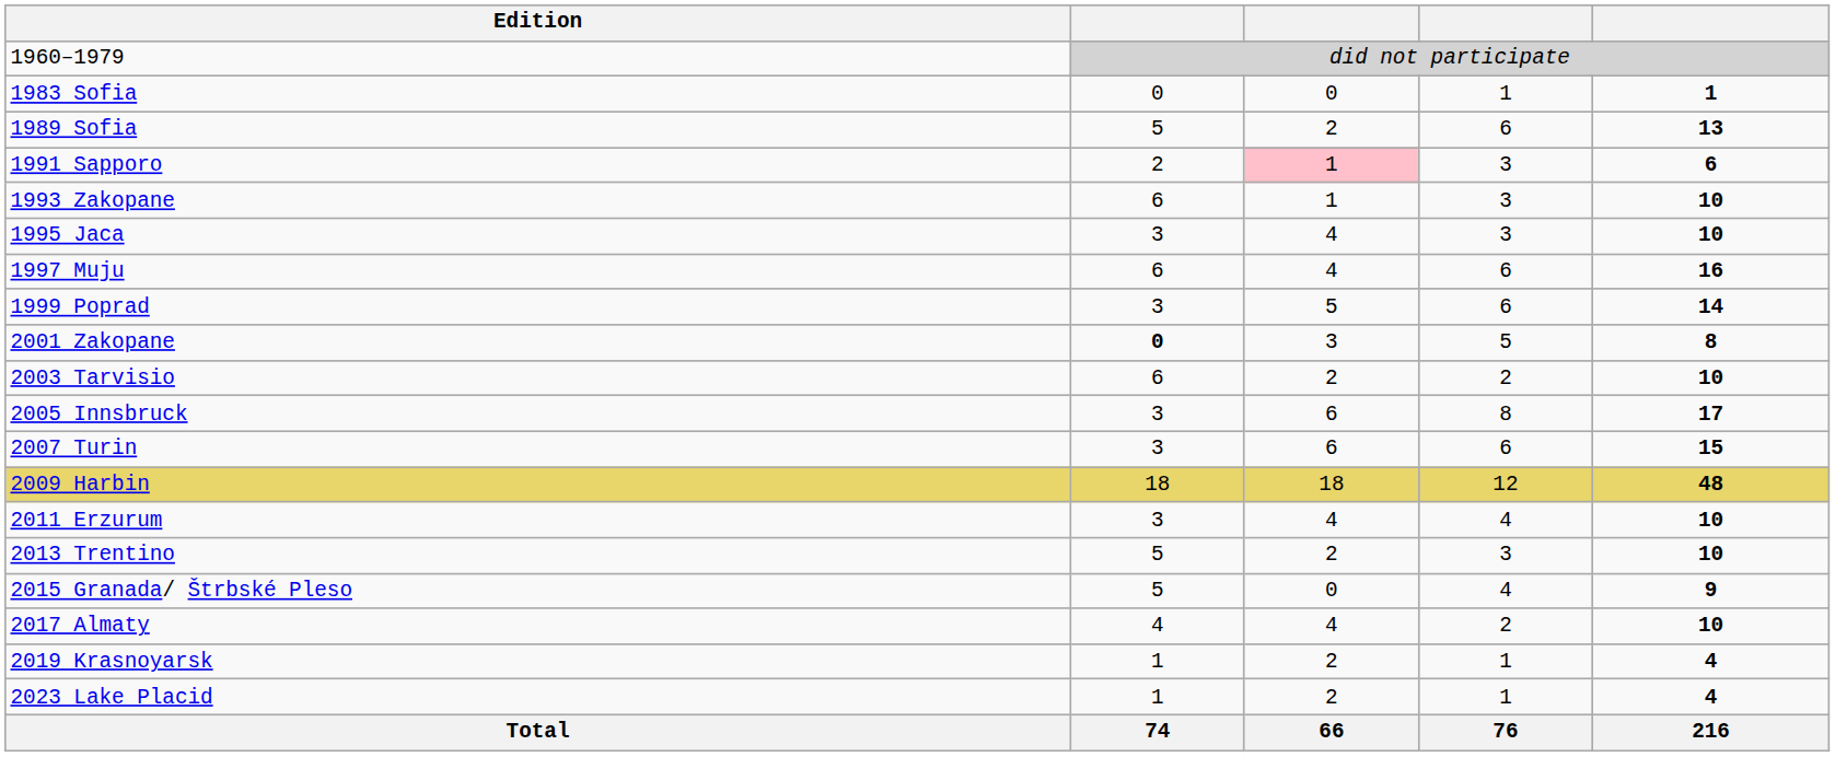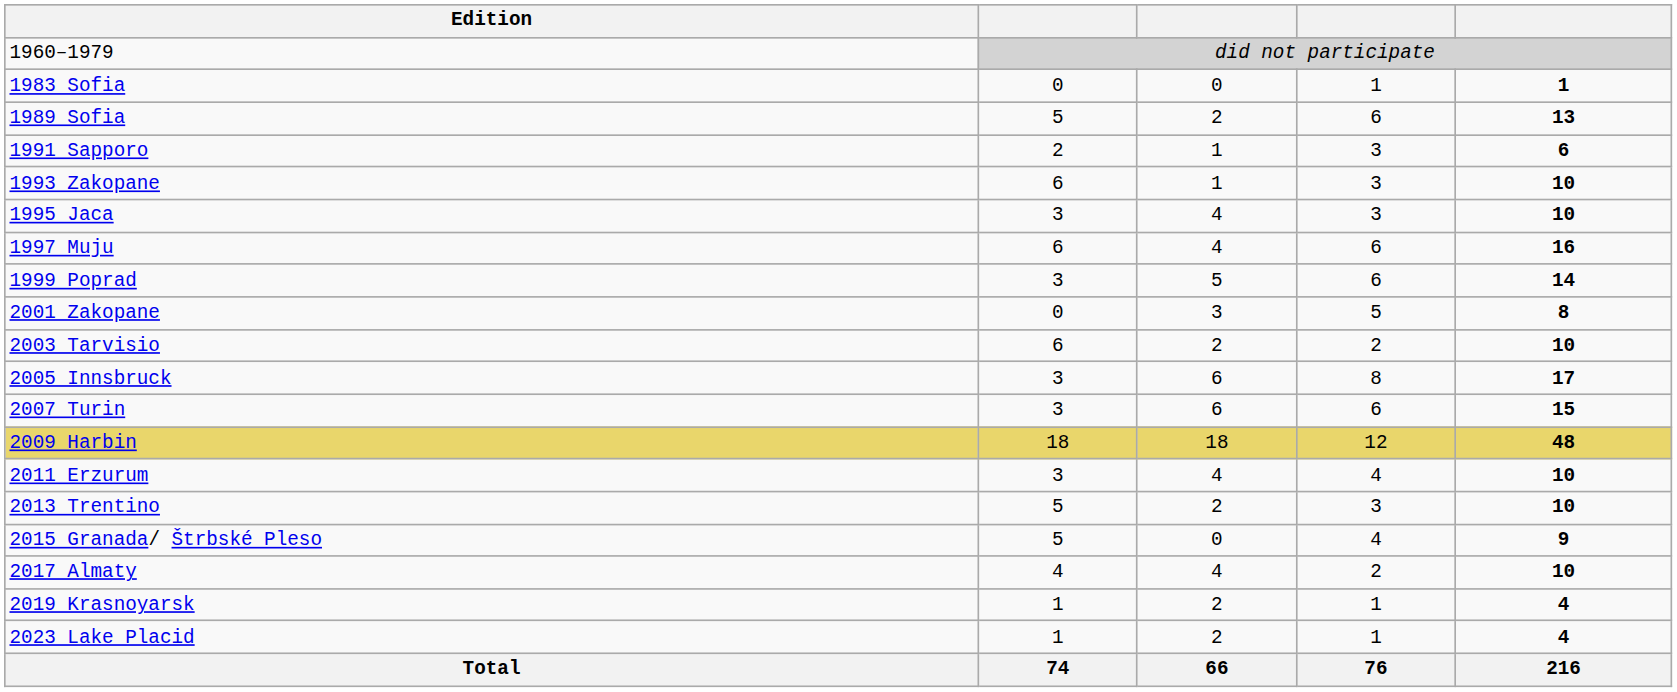 <table class="wikitable" width=80% style="font-size:90%; text-align:center;">
 <tr>
 <th>Edition</th>
 <th></th>
 <th></th>
 <th></th>
 <th></th>
 </tr>
 <tr>
 <td align=left>1960–1979</td>
 <td colspan=5 bgcolor=lightgrey><em>did not participate</em></td>
 </tr>
 <tr>
 <td align=left> <a href='#'>1983 Sofia</a></td>
 <td>0</td>
 <td>0</td>
 <td>1</td>
 <td><strong>1</strong></td>
 </tr>
 <tr>
 <td align=left> <a href='#'>1989 Sofia</a></td>
 <td>5</td>
 <td>2</td>
 <td>6</td>
 <td><strong>13</strong></td>
 </tr>
 <tr>
 <td align=left> <a href='#'>1991 Sapporo</a></td>
 <td>2</td>
-<td style="background: pink;">1</td>
+<td>1</td>
 <td>3</td>
 <td><strong>6</strong></td>
 </tr>
 <tr>
 <td align=left> <a href='#'>1993 Zakopane</a></td>
 <td>6</td>
 <td>1</td>
 <td>3</td>
 <td><strong>10</strong></td>
 </tr>
 <tr>
 <td align=left> <a href='#'>1995 Jaca</a></td>
 <td>3</td>
 <td>4</td>
 <td>3</td>
 <td><strong>10</strong></td>
 </tr>
 <tr>
 <td align=left> <a href='#'>1997 Muju</a></td>
 <td>6</td>
 <td>4</td>
 <td>6</td>
 <td><strong>16</strong></td>
 </tr>
 <tr>
 <td align=left> <a href='#'>1999 Poprad</a></td>
 <td>3</td>
 <td>5</td>
 <td>6</td>
 <td><strong>14</strong></td>
 </tr>
 <tr>
 <td align=left> <a href='#'>2001 Zakopane</a></td>
-<td><strong>0</strong></td>
+<td>0</td>
 <td>3</td>
 <td>5</td>
 <td><strong>8</strong></td>
 </tr>
 <tr>
 <td align=left> <a href='#'>2003 Tarvisio</a></td>
 <td>6</td>
 <td>2</td>
 <td>2</td>
 <td><strong>10</strong></td>
 </tr>
 <tr>
 <td align=left> <a href='#'>2005 Innsbruck</a></td>
 <td>3</td>
 <td>6</td>
 <td>8</td>
 <td><strong>17</strong></td>
 </tr>
 <tr>
 <td align=left> <a href='#'>2007 Turin</a></td>
 <td>3</td>
 <td>6</td>
 <td>6</td>
 <td><strong>15</strong></td>
 </tr>
 <tr bgcolor=E9D66B>
 <td align=left> <a href='#'>2009 Harbin</a></td>
 <td>18</td>
 <td>18</td>
 <td>12</td>
 <td><strong>48</strong></td>
 </tr>
 <tr>
 <td align=left> <a href='#'>2011 Erzurum</a></td>
 <td>3</td>
 <td>4</td>
 <td>4</td>
 <td><strong>10</strong></td>
 </tr>
 <tr>
 <td align=left> <a href='#'>2013 Trentino</a></td>
 <td>5</td>
 <td>2</td>
 <td>3</td>
 <td><strong>10</strong></td>
 </tr>
 <tr>
 <td align=left> <a href='#'>2015 Granada</a>/ <a href='#'>Štrbské Pleso</a></td>
 <td>5</td>
 <td>0</td>
 <td>4</td>
 <td><strong>9</strong></td>
 </tr>
 <tr>
 <td align=left> <a href='#'>2017 Almaty</a></td>
 <td>4</td>
 <td>4</td>
 <td>2</td>
 <td><strong>10</strong></td>
 </tr>
 <tr>
 <td align=left> <a href='#'>2019 Krasnoyarsk</a></td>
 <td>1</td>
 <td>2</td>
 <td>1</td>
 <td><strong>4</strong></td>
 </tr>
 <tr>
 <td align=left> <a href='#'>2023 Lake Placid</a></td>
 <td>1</td>
 <td>2</td>
 <td>1</td>
 <td><strong>4</strong></td>
 </tr>
 <tr>
 <th>Total</th>
 <th>74</th>
 <th>66</th>
 <th>76</th>
 <th>216</th>
 </tr>
 </table>
